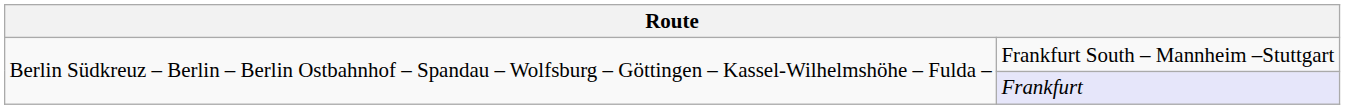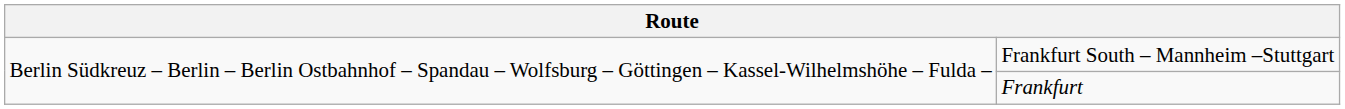 <table class="wikitable">
 <tr>
 <th colspan="2">Route</th>
 </tr>
 <tr>
 <td rowspan="2">Berlin Südkreuz – Berlin – Berlin Ostbahnhof – Spandau – Wolfsburg – Göttingen – Kassel-Wilhelmshöhe – Fulda –</td>
 <td>Frankfurt South – Mannheim –Stuttgart</td>
 </tr>
 <tr>
-<td style="background: lavender;"><em>Frankfurt</em></td>
+<td><em>Frankfurt</em></td>
 </tr>
 </table>
